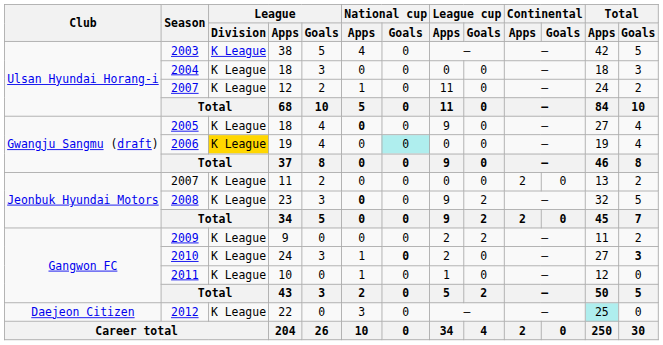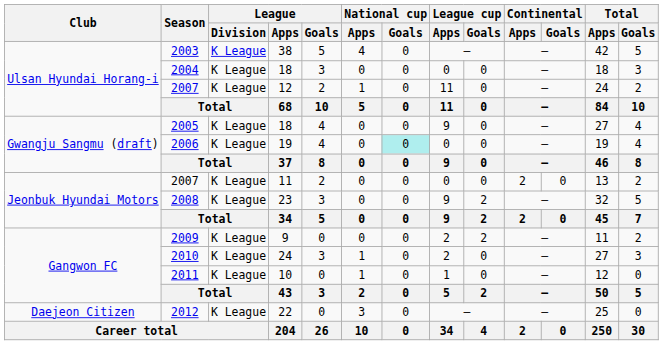 <table class="wikitable" style="text-align:center">
 <tr>
 <th rowspan=2>Club</th>
 <th rowspan=2>Season</th>
 <th colspan=3>League</th>
 <th colspan=2>National cup</th>
 <th colspan=2>League cup</th>
 <th colspan=2>Continental</th>
 <th colspan=2>Total</th>
 </tr>
 <tr>
 <th>Division</th>
 <th>Apps</th>
 <th>Goals</th>
 <th>Apps</th>
 <th>Goals</th>
 <th>Apps</th>
 <th>Goals</th>
 <th>Apps</th>
 <th>Goals</th>
 <th>Apps</th>
 <th>Goals</th>
 </tr>
 <tr>
 <td rowspan=4><a href='#'>Ulsan Hyundai Horang-i</a></td>
 <td><a href='#'>2003</a></td>
 <td><a href='#'>K League</a></td>
 <td>38</td>
 <td>5</td>
 <td>4</td>
 <td>0</td>
 <td colspan="2">—</td>
 <td colspan="2">—</td>
 <td>42</td>
 <td>5</td>
 </tr>
 <tr>
 <td><a href='#'>2004</a></td>
 <td>K League</td>
 <td>18</td>
 <td>3</td>
 <td>0</td>
 <td>0</td>
 <td>0</td>
 <td>0</td>
 <td colspan="2">—</td>
 <td>18</td>
 <td>3</td>
 </tr>
 <tr>
 <td><a href='#'>2007</a></td>
 <td>K League</td>
 <td>12</td>
 <td>2</td>
 <td>1</td>
 <td>0</td>
 <td>11</td>
 <td>0</td>
 <td colspan="2">—</td>
 <td>24</td>
 <td>2</td>
 </tr>
 <tr>
 <th colspan="2">Total</th>
 <th>68</th>
 <th>10</th>
 <th>5</th>
 <th>0</th>
 <th>11</th>
 <th>0</th>
 <th colspan="2">—</th>
 <th>84</th>
 <th>10</th>
 </tr>
 <tr>
 <td rowspan=3><a href='#'>Gwangju Sangmu</a> (<a href='#'>draft</a>)</td>
 <td><a href='#'>2005</a></td>
 <td>K League</td>
 <td>18</td>
 <td>4</td>
-<td><strong>0</strong></td>
+<td>0</td>
 <td>0</td>
 <td>9</td>
 <td>0</td>
 <td colspan="2">—</td>
 <td>27</td>
 <td>4</td>
 </tr>
 <tr>
 <td><a href='#'>2006</a></td>
-<td style="background: gold;">K League</td>
+<td>K League</td>
 <td>19</td>
 <td>4</td>
 <td>0</td>
 <td style="background: paleturquoise;">0</td>
 <td>0</td>
 <td>0</td>
 <td colspan="2">—</td>
 <td>19</td>
 <td>4</td>
 </tr>
 <tr>
 <th colspan="2">Total</th>
 <th>37</th>
 <th>8</th>
 <th>0</th>
 <th>0</th>
 <th>9</th>
 <th>0</th>
 <th colspan="2">—</th>
 <th>46</th>
 <th>8</th>
 </tr>
 <tr>
 <td rowspan=3><a href='#'>Jeonbuk Hyundai Motors</a></td>
 <td>2007</td>
 <td>K League</td>
 <td>11</td>
 <td>2</td>
 <td>0</td>
 <td>0</td>
 <td>0</td>
 <td>0</td>
 <td>2</td>
 <td>0</td>
 <td>13</td>
 <td>2</td>
 </tr>
 <tr>
 <td><a href='#'>2008</a></td>
 <td>K League</td>
 <td>23</td>
 <td>3</td>
-<td><strong>0</strong></td>
+<td>0</td>
 <td>0</td>
 <td>9</td>
 <td>2</td>
 <td colspan="2">—</td>
 <td>32</td>
 <td>5</td>
 </tr>
 <tr>
 <th colspan="2">Total</th>
 <th>34</th>
 <th>5</th>
 <th>0</th>
 <th>0</th>
 <th>9</th>
 <th>2</th>
 <th>2</th>
 <th>0</th>
 <th>45</th>
 <th>7</th>
 </tr>
 <tr>
 <td rowspan=4><a href='#'>Gangwon FC</a></td>
 <td><a href='#'>2009</a></td>
 <td>K League</td>
 <td>9</td>
 <td>0</td>
 <td>0</td>
 <td>0</td>
 <td>2</td>
 <td>2</td>
 <td colspan="2">—</td>
 <td>11</td>
 <td>2</td>
 </tr>
 <tr>
 <td><a href='#'>2010</a></td>
 <td>K League</td>
 <td>24</td>
 <td>3</td>
 <td>1</td>
-<td><strong>0</strong></td>
+<td>0</td>
 <td>2</td>
 <td>0</td>
 <td colspan="2">—</td>
 <td>27</td>
-<td><strong>3</strong></td>
+<td>3</td>
 </tr>
 <tr>
 <td><a href='#'>2011</a></td>
 <td>K League</td>
 <td>10</td>
 <td>0</td>
 <td>1</td>
 <td>0</td>
 <td>1</td>
 <td>0</td>
 <td colspan="2">—</td>
 <td>12</td>
 <td>0</td>
 </tr>
 <tr>
 <th colspan="2">Total</th>
 <th>43</th>
 <th>3</th>
 <th>2</th>
 <th>0</th>
 <th>5</th>
 <th>2</th>
 <th colspan="2">—</th>
 <th>50</th>
 <th>5</th>
 </tr>
 <tr>
 <td><a href='#'>Daejeon Citizen</a></td>
 <td><a href='#'>2012</a></td>
 <td>K League</td>
 <td>22</td>
 <td>0</td>
 <td>3</td>
 <td>0</td>
 <td colspan="2">—</td>
 <td colspan="2">—</td>
-<td style="background: paleturquoise;">25</td>
+<td>25</td>
 <td>0</td>
 </tr>
 <tr>
 <th colspan=3>Career total</th>
 <th>204</th>
 <th>26</th>
 <th>10</th>
 <th>0</th>
 <th>34</th>
 <th>4</th>
 <th>2</th>
 <th>0</th>
 <th>250</th>
 <th>30</th>
 </tr>
 </table>
